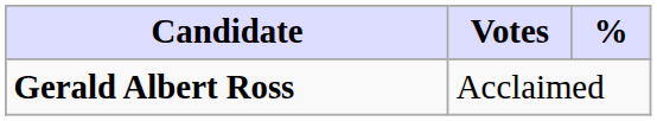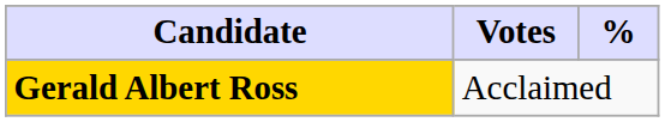 <table class="wikitable">
 <tr>
 <th style="background:#ddf; width:200px;">Candidate</th>
 <th style="background:#ddf; width:50px;">Votes</th>
 <th style="background:#ddf; width:30px;">%</th>
 </tr>
 <tr>
-<td><strong>Gerald Albert Ross</strong></td>
+<td style="background: gold;"><strong>Gerald Albert Ross</strong></td>
 <td colspan="2">Acclaimed</td>
 </tr>
 </table>
